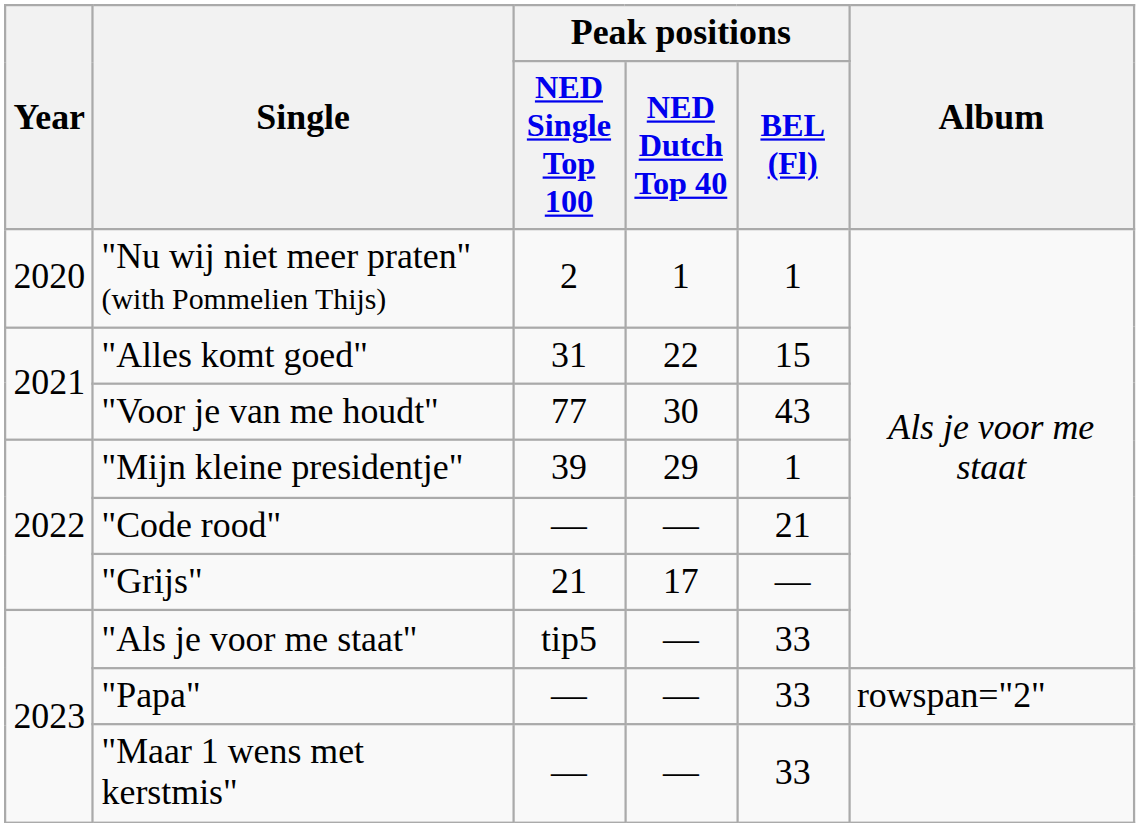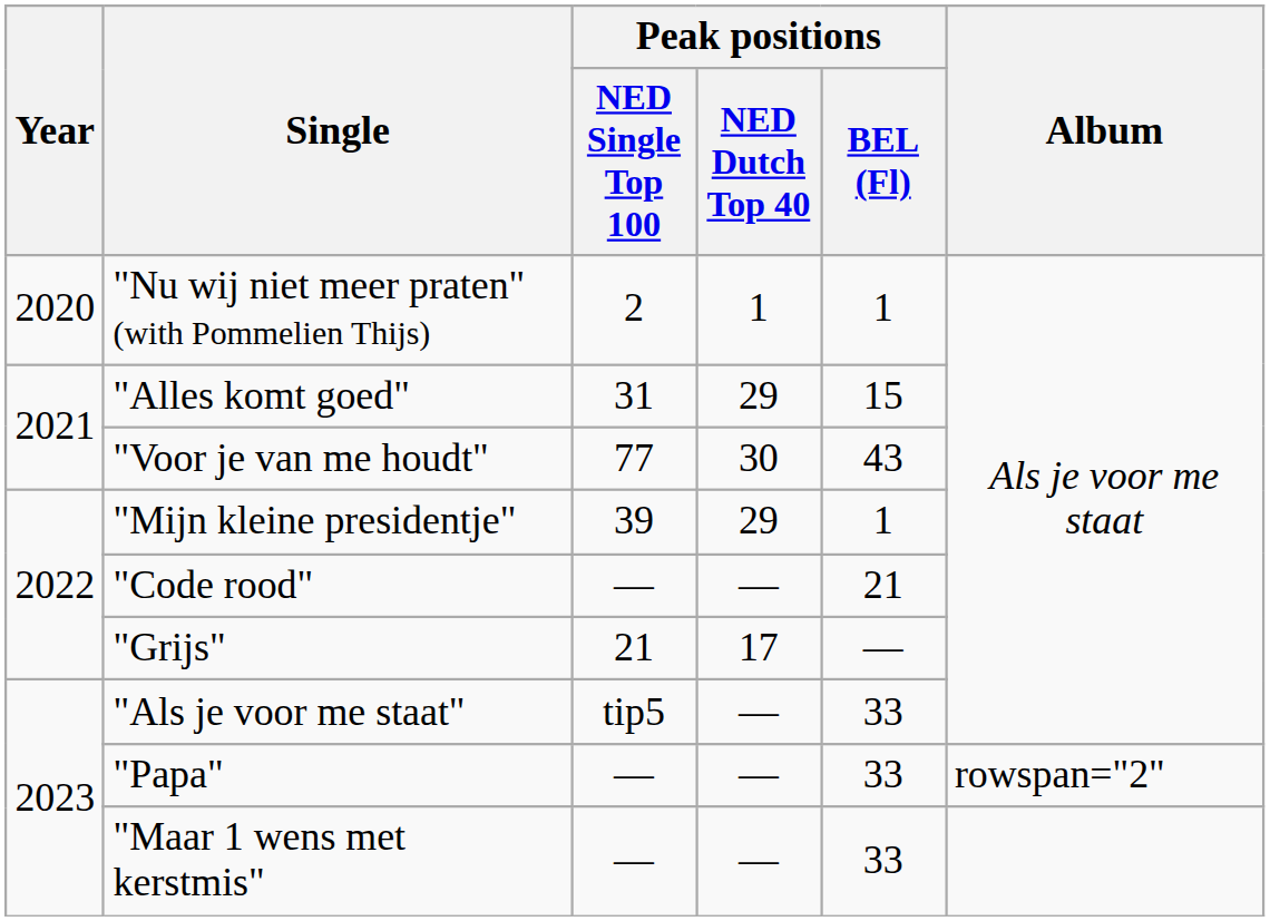 <table class="wikitable">
 <tr>
 <th align="center" rowspan="2" width="10">Year</th>
 <th align="center" rowspan="2" width="180">Single</th>
 <th align="center" colspan="3" width="20">Peak positions</th>
 <th align="center" rowspan="2" width="120">Album</th>
 </tr>
 <tr>
 <th scope="col" style="width:3em;font-size:90%;"><a href='#'>NED<br>Single<br>Top 100</a><br></th>
 <th scope="col" style="width:3em;font-size:90%;"><a href='#'>NED<br>Dutch<br>Top 40</a><br></th>
 <th scope="col" style="width:3em;font-size:90%;"><a href='#'>BEL<br>(Fl)</a><br></th>
 </tr>
 <tr>
 <td style="text-align:center;">2020</td>
 <td>"Nu wij niet meer praten" <br><small>(with Pommelien Thijs)</small></td>
 <td style="text-align:center;">2</td>
 <td style="text-align:center;">1</td>
 <td style="text-align:center;">1</td>
 <td style="text-align:center;" rowspan="7"><em>Als je voor me staat</em></td>
 </tr>
 <tr>
 <td style="text-align:center;" rowspan="2">2021</td>
 <td>"Alles komt goed"</td>
 <td style="text-align:center;">31</td>
-<td style="text-align:center;">22</td>
+<td style="text-align:center;">29</td>
 <td style="text-align:center;">15</td>
 </tr>
 <tr>
 <td>"Voor je van me houdt"</td>
 <td style="text-align:center;">77</td>
 <td style="text-align:center;">30</td>
 <td style="text-align:center;">43</td>
 </tr>
 <tr>
 <td style="text-align:center;" rowspan="3">2022</td>
 <td>"Mijn kleine presidentje"</td>
 <td style="text-align:center;">39</td>
 <td style="text-align:center;">29</td>
 <td style="text-align:center;">1</td>
 </tr>
 <tr>
 <td>"Code rood"<br></td>
 <td style="text-align:center;">—</td>
 <td style="text-align:center;">—</td>
 <td style="text-align:center;">21</td>
 </tr>
 <tr>
 <td>"Grijs"</td>
 <td style="text-align:center;">21</td>
 <td style="text-align:center;">17</td>
 <td style="text-align:center;">—</td>
 </tr>
 <tr>
 <td style="text-align:center;" rowspan="3">2023</td>
 <td>"Als je voor me staat"</td>
 <td style="text-align:center;">tip5</td>
 <td style="text-align:center;">—</td>
 <td style="text-align:center;">33</td>
 </tr>
 <tr>
 <td>"Papa"</td>
 <td style="text-align:center;">—</td>
 <td style="text-align:center;">—</td>
 <td style="text-align:center;">33</td>
 <td>rowspan="2" </td>
 </tr>
 <tr>
 <td>"Maar 1 wens met kerstmis"</td>
 <td style="text-align:center;">—</td>
 <td style="text-align:center;">—</td>
 <td style="text-align:center;">33</td>
 </tr>
 </table>
